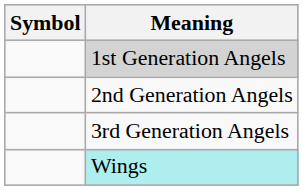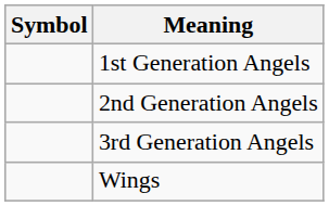 <table class="sortable wikitable"  style="font-size:85%;">
 <tr>
 <th>Symbol</th>
 <th>Meaning</th>
 </tr>
 <tr>
 <td align="center"></td>
-<td style="background: lightgrey;">1st Generation Angels</td>
+<td>1st Generation Angels</td>
 </tr>
 <tr>
 <td align="center"></td>
 <td>2nd Generation Angels</td>
 </tr>
 <tr>
 <td align="center"></td>
 <td>3rd Generation Angels</td>
 </tr>
 <tr>
 <td align="center"></td>
-<td style="background: paleturquoise;">Wings</td>
+<td>Wings</td>
 </tr>
 </table>
